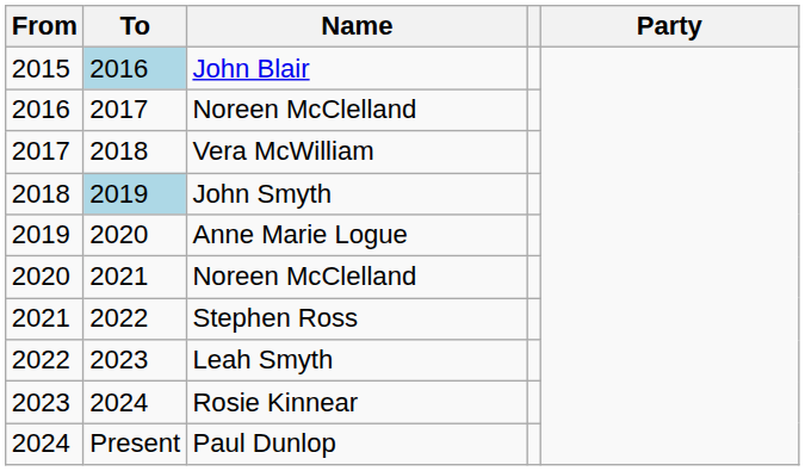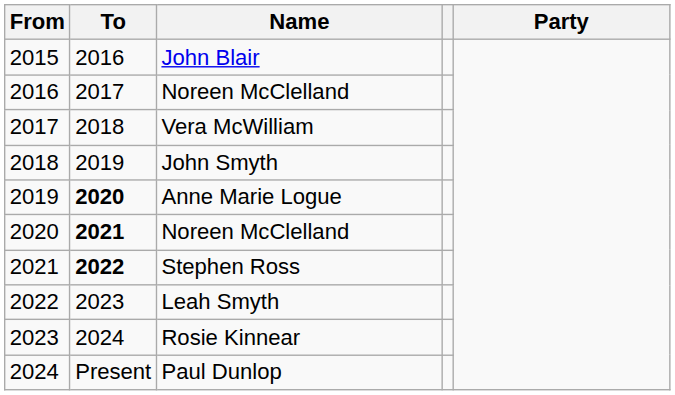 <table class="wikitable sortable">
 <tr>
 <th>From</th>
 <th>To</th>
 <th scope="col" width="200">Name</th>
 <th class="unsortable"></th>
 <th scope="col" width="150">Party</th>
 </tr>
 <tr>
 <td>2015</td>
-<td style="background: lightblue;">2016</td>
+<td>2016</td>
 <td><a href='#'>John Blair</a></td>
 <td></td>
 </tr>
 <tr>
 <td>2016</td>
 <td>2017</td>
 <td>Noreen McClelland</td>
 <td></td>
 </tr>
 <tr>
 <td>2017</td>
 <td>2018</td>
 <td>Vera McWilliam</td>
 <td></td>
 </tr>
 <tr>
 <td>2018</td>
-<td style="background: lightblue;">2019</td>
+<td>2019</td>
 <td>John Smyth</td>
 <td></td>
 </tr>
 <tr>
 <td>2019</td>
-<td>2020</td>
+<td><strong>2020</strong></td>
 <td>Anne Marie Logue</td>
 <td></td>
 </tr>
 <tr>
 <td>2020</td>
-<td>2021</td>
+<td><strong>2021</strong></td>
 <td>Noreen McClelland</td>
 <td></td>
 </tr>
 <tr>
 <td>2021</td>
-<td>2022</td>
+<td><strong>2022</strong></td>
 <td>Stephen Ross</td>
 <td></td>
 </tr>
 <tr>
 <td>2022</td>
 <td>2023</td>
 <td>Leah Smyth</td>
 <td></td>
 </tr>
 <tr>
 <td>2023</td>
 <td>2024</td>
 <td>Rosie Kinnear</td>
 <td></td>
 </tr>
 <tr>
 <td>2024</td>
 <td>Present</td>
 <td>Paul Dunlop</td>
 <td></td>
 </tr>
 </table>
